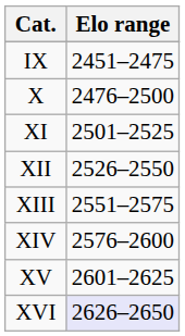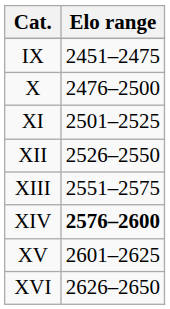 <table class="wikitable" style="display:inline-table;">
 <tr>
 <th>Cat.</th>
 <th>Elo range</th>
 </tr>
 <tr>
 </tr>
 <tr>
 <td style="text-align:center;">IX</td>
 <td>2451–2475</td>
 </tr>
 <tr>
 <td style="text-align:center;">X</td>
 <td>2476–2500</td>
 </tr>
 <tr>
 <td style="text-align:center;">XI</td>
 <td>2501–2525</td>
 </tr>
 <tr>
 <td style="text-align:center;">XII</td>
 <td>2526–2550</td>
 </tr>
 <tr>
 <td style="text-align:center;"> XIII </td>
 <td>2551–2575</td>
 </tr>
 <tr>
 <td style="text-align:center;">XIV</td>
-<td>2576–2600</td>
+<td><strong>2576–2600</strong></td>
 </tr>
 <tr>
 <td style="text-align:center;">XV</td>
 <td>2601–2625</td>
 </tr>
 <tr>
 <td style="text-align:center;">XVI</td>
-<td style="background: lavender;">2626–2650</td>
+<td>2626–2650</td>
 </tr>
 </table>
